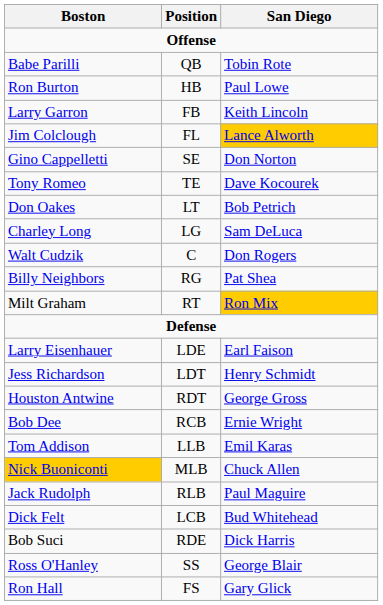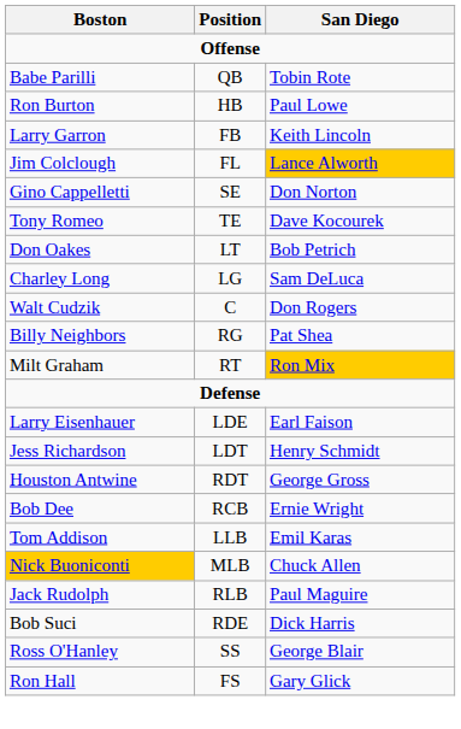 <table class="wikitable">
 <tr>
 <th style="width:160px;">Boston</th>
 <th>Position</th>
 <th style="width:160px;">San Diego</th>
 </tr>
 <tr>
 <td colspan="3" style="text-align:center;"><strong>Offense</strong></td>
 </tr>
 <tr>
 <td><a href='#'>Babe Parilli</a></td>
 <td style="text-align:center;">QB</td>
 <td><a href='#'>Tobin Rote</a></td>
 </tr>
 <tr>
 <td><a href='#'>Ron Burton</a></td>
 <td style="text-align:center;">HB</td>
 <td><a href='#'>Paul Lowe</a></td>
 </tr>
 <tr>
 <td><a href='#'>Larry Garron</a></td>
 <td style="text-align:center;">FB</td>
 <td><a href='#'>Keith Lincoln</a></td>
 </tr>
 <tr>
 <td><a href='#'>Jim Colclough</a></td>
 <td style="text-align:center;">FL</td>
 <td bgcolor="#FFCC00"><a href='#'>Lance Alworth</a></td>
 </tr>
 <tr>
 <td><a href='#'>Gino Cappelletti</a></td>
 <td style="text-align:center;">SE</td>
 <td><a href='#'>Don Norton</a></td>
 </tr>
 <tr>
 <td><a href='#'>Tony Romeo</a></td>
 <td style="text-align:center;">TE</td>
 <td><a href='#'>Dave Kocourek</a></td>
 </tr>
 <tr>
 <td><a href='#'>Don Oakes</a></td>
 <td style="text-align:center;">LT</td>
 <td><a href='#'>Bob Petrich</a></td>
 </tr>
 <tr>
 <td><a href='#'>Charley Long</a></td>
 <td style="text-align:center;">LG</td>
 <td><a href='#'>Sam DeLuca</a></td>
 </tr>
 <tr>
 <td><a href='#'>Walt Cudzik</a></td>
 <td style="text-align:center;">C</td>
 <td><a href='#'>Don Rogers</a></td>
 </tr>
 <tr>
 <td><a href='#'>Billy Neighbors</a></td>
 <td style="text-align:center;">RG</td>
 <td><a href='#'>Pat Shea</a></td>
 </tr>
 <tr>
 <td>Milt Graham</td>
 <td style="text-align:center;">RT</td>
 <td bgcolor="#FFCC00"><a href='#'>Ron Mix</a></td>
 </tr>
 <tr>
 <td colspan="3" style="text-align:center;"><strong>Defense</strong></td>
 </tr>
 <tr>
 <td><a href='#'>Larry Eisenhauer</a></td>
 <td style="text-align:center;">LDE</td>
 <td><a href='#'>Earl Faison</a></td>
 </tr>
 <tr>
 <td><a href='#'>Jess Richardson</a></td>
 <td style="text-align:center;">LDT</td>
 <td><a href='#'>Henry Schmidt</a></td>
 </tr>
 <tr>
 <td><a href='#'>Houston Antwine</a></td>
 <td style="text-align:center;">RDT</td>
 <td><a href='#'>George Gross</a></td>
 </tr>
 <tr>
 <td><a href='#'>Bob Dee</a></td>
 <td style="text-align:center;">RCB</td>
 <td><a href='#'>Ernie Wright</a></td>
 </tr>
 <tr>
 <td><a href='#'>Tom Addison</a></td>
 <td style="text-align:center;">LLB</td>
 <td><a href='#'>Emil Karas</a></td>
 </tr>
 <tr>
 <td bgcolor="#FFCC00"><a href='#'>Nick Buoniconti</a></td>
 <td style="text-align:center;">MLB</td>
 <td><a href='#'>Chuck Allen</a></td>
 </tr>
 <tr>
 <td><a href='#'>Jack Rudolph</a></td>
 <td style="text-align:center;">RLB</td>
 <td><a href='#'>Paul Maguire</a></td>
 </tr>
 <tr>
-<td><a href='#'>Dick Felt</a></td>
-<td style="text-align:center;">LCB</td>
-<td><a href='#'>Bud Whitehead</a></td>
-</tr>
-<tr>
 <td>Bob Suci</td>
 <td style="text-align:center;">RDE</td>
 <td><a href='#'>Dick Harris</a></td>
 </tr>
 <tr>
 <td><a href='#'>Ross O'Hanley</a></td>
 <td style="text-align:center;">SS</td>
 <td><a href='#'>George Blair</a></td>
 </tr>
 <tr>
 <td><a href='#'>Ron Hall</a></td>
 <td style="text-align:center;">FS</td>
 <td><a href='#'>Gary Glick</a></td>
 </tr>
 </table>
